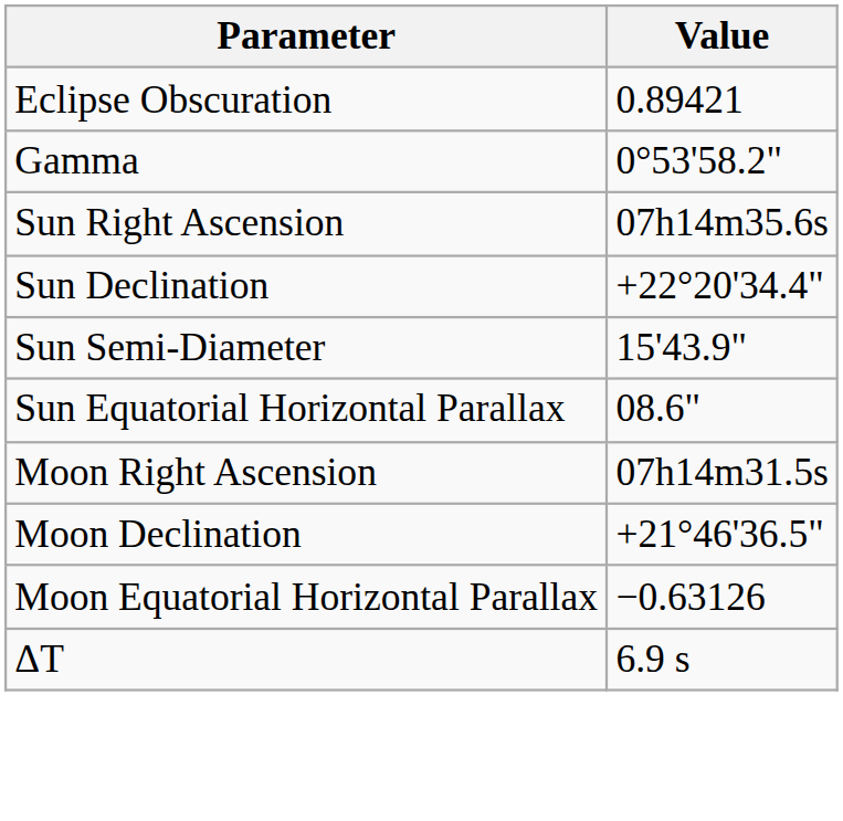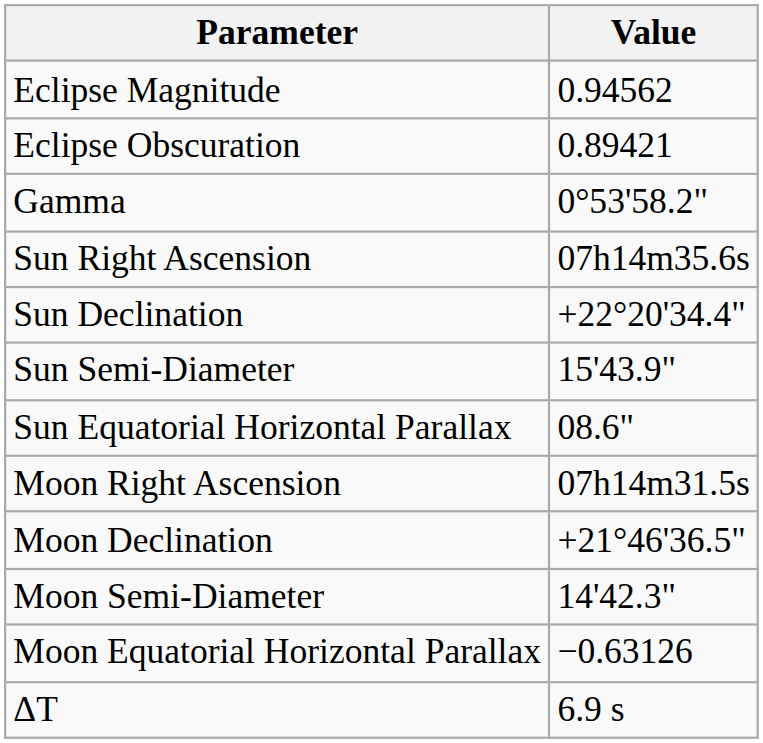 <table class="wikitable">
 <tr>
 <th>Parameter</th>
 <th>Value</th>
+</tr>
+<tr>
+<td>Eclipse Magnitude</td>
+<td>0.94562</td>
 </tr>
 <tr>
 <td>Eclipse Obscuration</td>
 <td>0.89421</td>
 </tr>
 <tr>
 <td>Gamma</td>
 <td>0°53'58.2"</td>
 </tr>
 <tr>
 <td>Sun Right Ascension</td>
 <td>07h14m35.6s</td>
 </tr>
 <tr>
 <td>Sun Declination</td>
 <td>+22°20'34.4"</td>
 </tr>
 <tr>
 <td>Sun Semi-Diameter</td>
 <td>15'43.9"</td>
 </tr>
 <tr>
 <td>Sun Equatorial Horizontal Parallax</td>
 <td>08.6"</td>
 </tr>
 <tr>
 <td>Moon Right Ascension</td>
 <td>07h14m31.5s</td>
 </tr>
 <tr>
 <td>Moon Declination</td>
 <td>+21°46'36.5"</td>
 </tr>
 <tr>
+<td>Moon Semi-Diameter</td>
+<td>14'42.3"</td>
+</tr>
+<tr>
 <td>Moon Equatorial Horizontal Parallax</td>
 <td>−0.63126</td>
 </tr>
 <tr>
 <td>ΔT</td>
 <td>6.9 s</td>
 </tr>
 </table>
